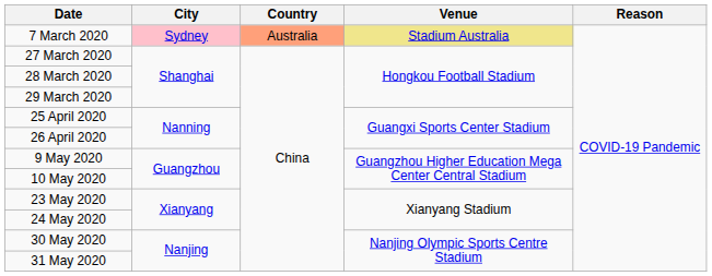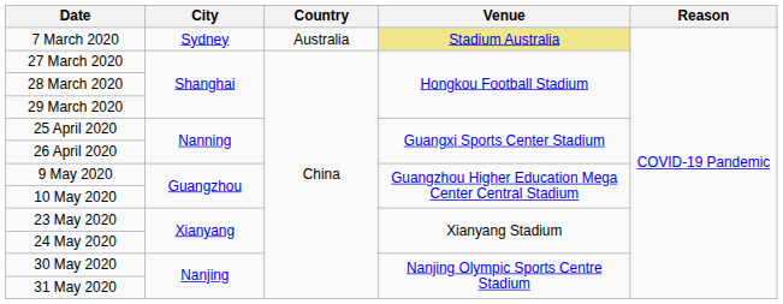 <table class="wikitable" style="text-align:center;">
 <tr>
 <th scope="col" style="width:12em;">Date</th>
 <th scope="col" style="width:9em;">City</th>
 <th scope="col" style="width:9em;">Country</th>
 <th scope="col" style="width:22em;">Venue</th>
 <th scope="col" style="width:12em;">Reason</th>
 </tr>
 <tr>
 <td>7 March 2020</td>
-<td style="background: pink;"><a href='#'>Sydney</a></td>
-<td style="background: lightsalmon;">Australia</td>
+<td><a href='#'>Sydney</a></td>
+<td>Australia</td>
 <td style="background: khaki;"><a href='#'>Stadium Australia</a></td>
 <td rowspan="12"><a href='#'>COVID-19 Pandemic</a></td>
 </tr>
 <tr>
 <td>27 March 2020</td>
 <td rowspan="3"><a href='#'>Shanghai</a></td>
 <td rowspan="11">China</td>
 <td rowspan="3"><a href='#'>Hongkou Football Stadium</a></td>
 </tr>
 <tr>
 <td>28 March 2020</td>
 </tr>
 <tr>
 <td>29 March 2020</td>
 </tr>
 <tr>
 <td>25 April 2020</td>
 <td rowspan="2"><a href='#'>Nanning</a></td>
 <td rowspan="2"><a href='#'>Guangxi Sports Center Stadium</a></td>
 </tr>
 <tr>
 <td>26 April 2020</td>
 </tr>
 <tr>
 <td>9 May 2020</td>
 <td rowspan="2"><a href='#'>Guangzhou</a></td>
 <td rowspan="2"><a href='#'>Guangzhou Higher Education Mega Center Central Stadium</a></td>
 </tr>
 <tr>
 <td>10 May 2020</td>
 </tr>
 <tr>
 <td>23 May 2020</td>
 <td rowspan="2"><a href='#'>Xianyang</a></td>
 <td rowspan="2">Xianyang Stadium</td>
 </tr>
 <tr>
 <td>24 May 2020</td>
 </tr>
 <tr>
 <td>30 May 2020</td>
 <td rowspan="2"><a href='#'>Nanjing</a></td>
 <td rowspan="2"><a href='#'>Nanjing Olympic Sports Centre Stadium</a></td>
 </tr>
 <tr>
 <td>31 May 2020</td>
 </tr>
 </table>
